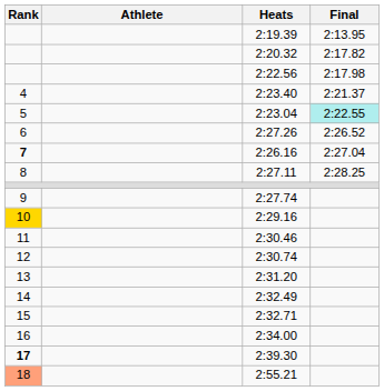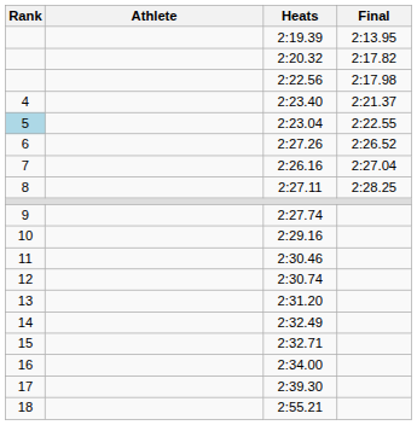 <table class=wikitable style="text-align:center">
 <tr>
 <th width=40>Rank</th>
 <th width=250>Athlete</th>
 <th width=80>Heats</th>
 <th width=80>Final</th>
 </tr>
 <tr>
 <td></td>
 <td align=left></td>
 <td>2:19.39</td>
 <td>2:13.95</td>
 </tr>
 <tr>
 <td></td>
 <td align=left></td>
 <td>2:20.32</td>
 <td>2:17.82</td>
 </tr>
 <tr>
 <td></td>
 <td align=left></td>
 <td>2:22.56</td>
 <td>2:17.98</td>
 </tr>
 <tr>
 <td>4</td>
 <td align=left></td>
 <td>2:23.40</td>
 <td>2:21.37</td>
 </tr>
 <tr>
-<td>5</td>
+<td style="background: lightblue;">5</td>
 <td align=left></td>
 <td>2:23.04</td>
-<td style="background: paleturquoise;">2:22.55</td>
+<td>2:22.55</td>
 </tr>
 <tr>
 <td>6</td>
 <td align=left></td>
 <td>2:27.26</td>
 <td>2:26.52</td>
 </tr>
 <tr>
-<td><strong>7</strong></td>
+<td>7</td>
 <td align=left></td>
 <td>2:26.16</td>
 <td>2:27.04</td>
 </tr>
 <tr>
 <td>8</td>
 <td align=left></td>
 <td>2:27.11</td>
 <td>2:28.25</td>
 </tr>
 <tr bgcolor=#DDDDDD>
 <td colspan=4></td>
 </tr>
 <tr>
 <td>9</td>
 <td align=left></td>
 <td>2:27.74</td>
 <td></td>
 </tr>
 <tr>
-<td style="background: gold;">10</td>
+<td>10</td>
 <td align=left></td>
 <td>2:29.16</td>
 <td></td>
 </tr>
 <tr>
 <td>11</td>
 <td align=left></td>
 <td>2:30.46</td>
 <td></td>
 </tr>
 <tr>
 <td>12</td>
 <td align=left></td>
 <td>2:30.74</td>
 <td></td>
 </tr>
 <tr>
 <td>13</td>
 <td align=left></td>
 <td>2:31.20</td>
 <td></td>
 </tr>
 <tr>
 <td>14</td>
 <td align=left></td>
 <td>2:32.49</td>
 <td></td>
 </tr>
 <tr>
 <td>15</td>
 <td align=left></td>
 <td>2:32.71</td>
 <td></td>
 </tr>
 <tr>
 <td>16</td>
 <td align=left></td>
 <td>2:34.00</td>
 <td></td>
 </tr>
 <tr>
-<td><strong>17</strong></td>
+<td>17</td>
 <td align=left></td>
 <td>2:39.30</td>
 <td></td>
 </tr>
 <tr>
-<td style="background: lightsalmon;">18</td>
+<td>18</td>
 <td align=left></td>
 <td>2:55.21</td>
 <td></td>
 </tr>
 </table>
